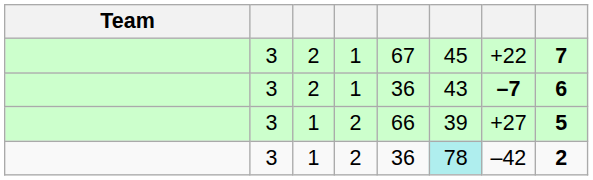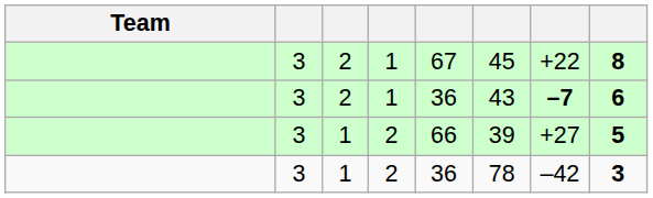 <table class="wikitable" style="text-align:center;">
 <tr>
 <th style="width:11.0em;">Team</th>
 <th style="width:1.5em;"></th>
 <th style="width:1.5em;"></th>
 <th style="width:1.5em;"></th>
 <th style="width:2.0em;"></th>
 <th style="width:2.0em;"></th>
 <th style="width:2.0em;"></th>
 <th style="width:2.0em;"></th>
 </tr>
 <tr bgcolor=#cfc>
 <td align="left"></td>
 <td>3</td>
 <td>2</td>
 <td>1</td>
 <td>67</td>
 <td>45</td>
 <td>+22</td>
-<td><strong>7</strong></td>
+<td><strong>8</strong></td>
 </tr>
 <tr bgcolor=#cfc>
 <td align="left"></td>
 <td>3</td>
 <td>2</td>
 <td>1</td>
 <td>36</td>
 <td>43</td>
 <td><strong>–7</strong></td>
 <td><strong>6</strong></td>
 </tr>
 <tr bgcolor=#cfc>
 <td align="left"></td>
 <td>3</td>
 <td>1</td>
 <td>2</td>
 <td>66</td>
 <td>39</td>
 <td>+27</td>
 <td><strong>5</strong></td>
 </tr>
 <tr>
 <td align="left"></td>
 <td>3</td>
 <td>1</td>
 <td>2</td>
 <td>36</td>
-<td style="background: paleturquoise;">78</td>
+<td>78</td>
 <td>–42</td>
-<td><strong>2</strong></td>
+<td><strong>3</strong></td>
 </tr>
 </table>
